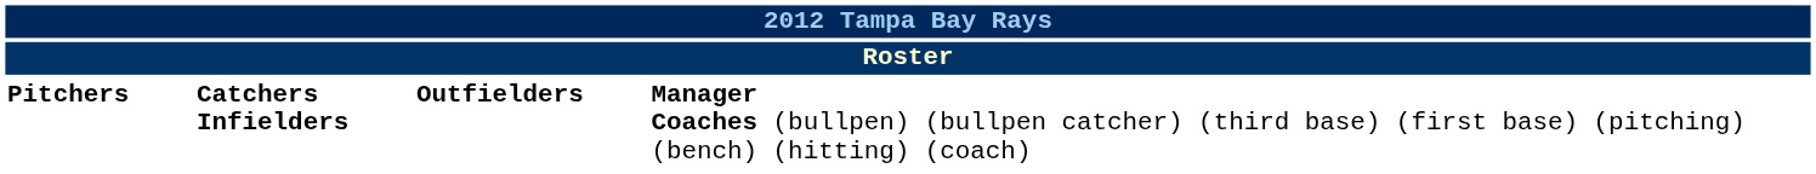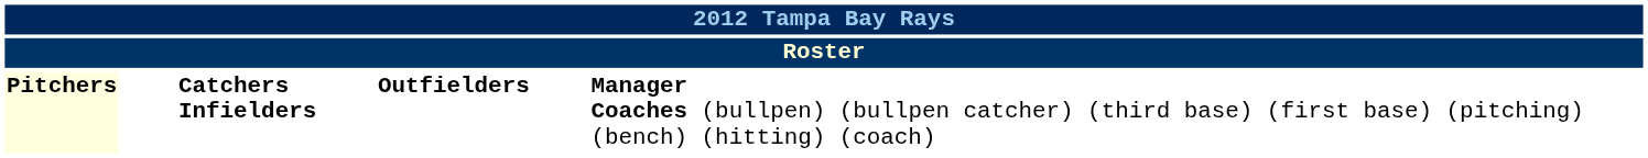 <table class="toccolours" style="font-size: 95%;">
 <tr>
 <th colspan="10" style="background:#00285d; color:#9eceee; text-align:center;">2012 Tampa Bay Rays</th>
 </tr>
 <tr>
 <td colspan="10" style="background:#036; color:#fffdd0; text-align:center;"><strong>Roster</strong></td>
 </tr>
 <tr>
-<td valign="top"><strong>Pitchers</strong><br>                 </td>
+<td valign="top" style="background: lightyellow;"><strong>Pitchers</strong><br>                 </td>
 <td style="width:25px;"></td>
 <td valign="top"><strong>Catchers</strong><br>    <strong>Infielders</strong>            </td>
 <td style="width:25px;"></td>
 <td valign="top"><strong>Outfielders</strong><br>        </td>
 <td style="width:25px;"></td>
 <td valign="top"><strong>Manager</strong><br> <strong>Coaches</strong>  (bullpen)  (bullpen catcher)  (third base)  (first base)  (pitching)  (bench)  (hitting)  (coach)</td>
 </tr>
 </table>
